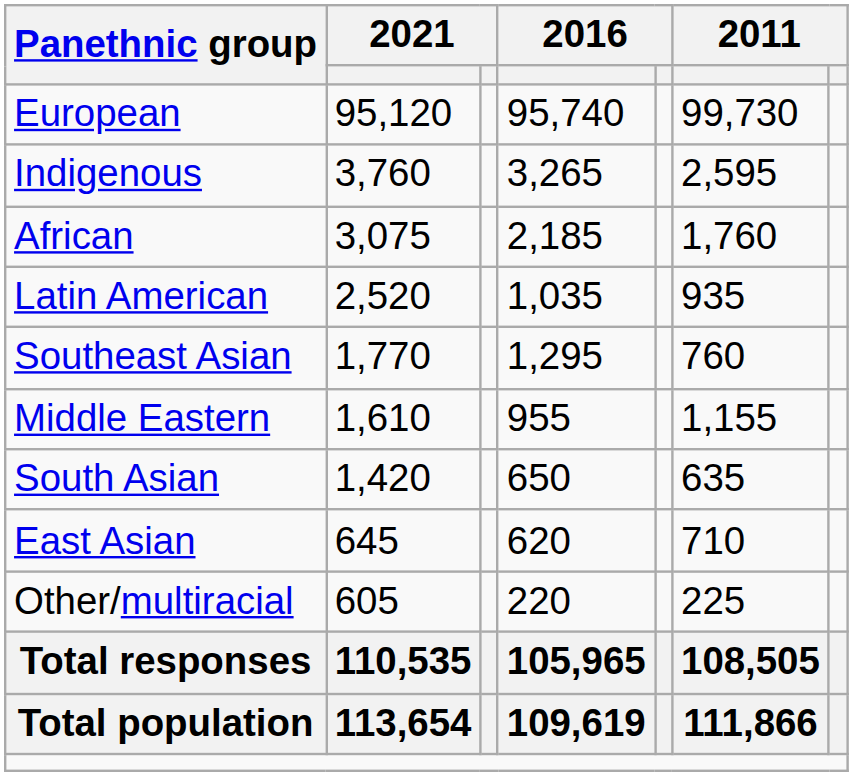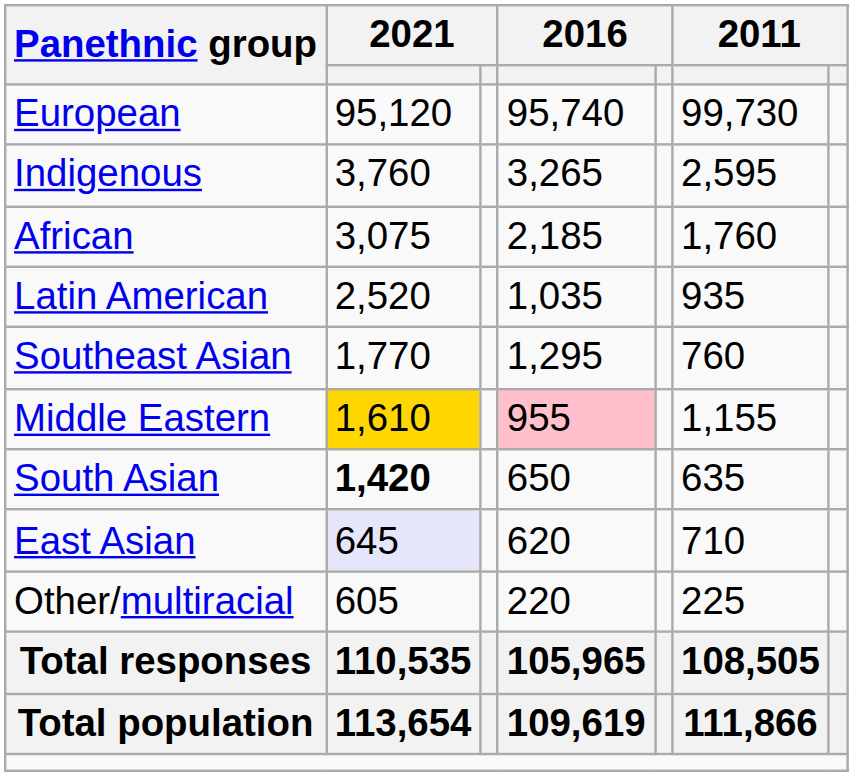 <table class="wikitable collapsible sortable">
 <tr>
 <th rowspan="2"><a href='#'>Panethnic</a> group</th>
 <th colspan="2">2021</th>
 <th colspan="2">2016</th>
 <th colspan="2">2011</th>
 </tr>
 <tr>
 <th><a href='#'></a></th>
 <th></th>
 <th></th>
 <th></th>
 <th></th>
 <th></th>
 </tr>
 <tr>
 <td><a href='#'>European</a></td>
 <td>95,120</td>
 <td></td>
 <td>95,740</td>
 <td></td>
 <td>99,730</td>
 <td></td>
 </tr>
 <tr>
 <td><a href='#'>Indigenous</a></td>
 <td>3,760</td>
 <td></td>
 <td>3,265</td>
 <td></td>
 <td>2,595</td>
 <td></td>
 </tr>
 <tr>
 <td><a href='#'>African</a></td>
 <td>3,075</td>
 <td></td>
 <td>2,185</td>
 <td></td>
 <td>1,760</td>
 <td></td>
 </tr>
 <tr>
 <td><a href='#'>Latin American</a></td>
 <td>2,520</td>
 <td></td>
 <td>1,035</td>
 <td></td>
 <td>935</td>
 <td></td>
 </tr>
 <tr>
 <td><a href='#'>Southeast Asian</a></td>
 <td>1,770</td>
 <td></td>
 <td>1,295</td>
 <td></td>
 <td>760</td>
 <td></td>
 </tr>
 <tr>
 <td><a href='#'>Middle Eastern</a></td>
-<td>1,610</td>
+<td style="background: gold;">1,610</td>
 <td></td>
-<td>955</td>
+<td style="background: pink;">955</td>
 <td></td>
 <td>1,155</td>
 <td></td>
 </tr>
 <tr>
 <td><a href='#'>South Asian</a></td>
-<td>1,420</td>
+<td><strong>1,420</strong></td>
 <td></td>
 <td>650</td>
 <td></td>
 <td>635</td>
 <td></td>
 </tr>
 <tr>
 <td><a href='#'>East Asian</a></td>
-<td>645</td>
+<td style="background: lavender;">645</td>
 <td></td>
 <td>620</td>
 <td></td>
 <td>710</td>
 <td></td>
 </tr>
 <tr>
 <td>Other/<a href='#'>multiracial</a></td>
 <td>605</td>
 <td></td>
 <td>220</td>
 <td></td>
 <td>225</td>
 <td></td>
 </tr>
 <tr>
 <th>Total responses</th>
 <th>110,535</th>
 <th></th>
 <th>105,965</th>
 <th></th>
 <th>108,505</th>
 <th></th>
 </tr>
 <tr class="sortbottom">
 <th>Total population</th>
 <th>113,654</th>
 <th></th>
 <th>109,619</th>
 <th></th>
 <th>111,866</th>
 <th></th>
 </tr>
 <tr class="sortbottom">
 <td colspan="15"></td>
 </tr>
 </table>
